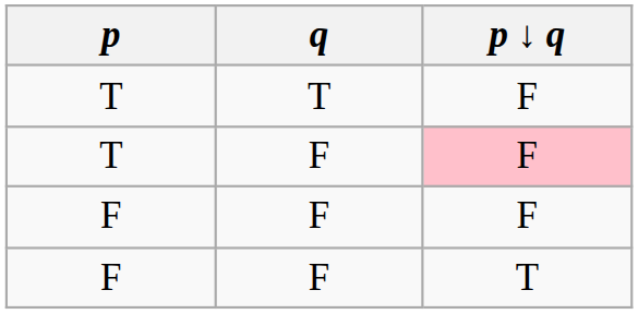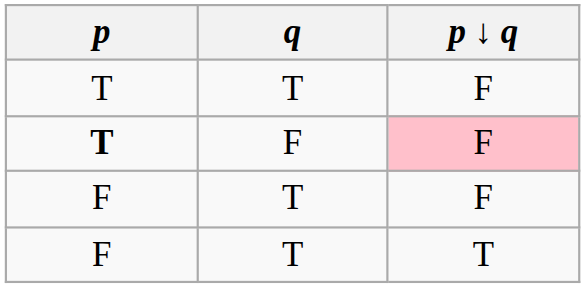 <table class="wikitable" style="margin:1em auto; text-align:center;">
 <tr>
 <th style="width:15%"><em>p</em></th>
 <th style="width:15%"><em>q</em></th>
 <th style="width:15%"><em>p</em> ↓ <em>q</em></th>
 </tr>
 <tr>
 <td>T</td>
 <td>T</td>
 <td>F</td>
 </tr>
 <tr>
-<td>T</td>
+<td><strong>T</strong></td>
 <td>F</td>
 <td style="background: pink;">F</td>
 </tr>
 <tr>
 <td>F</td>
-<td>F</td>
+<td>T</td>
 <td>F</td>
 </tr>
 <tr>
 <td>F</td>
-<td>F</td>
+<td>T</td>
 <td>T</td>
 </tr>
 </table>
